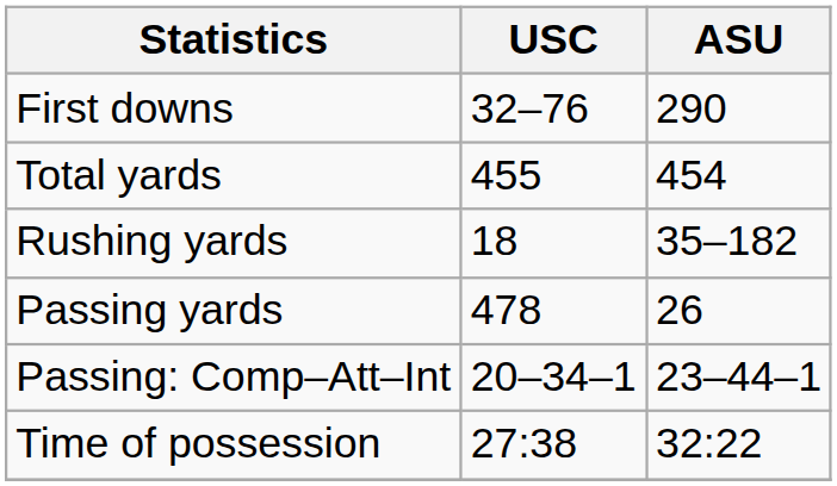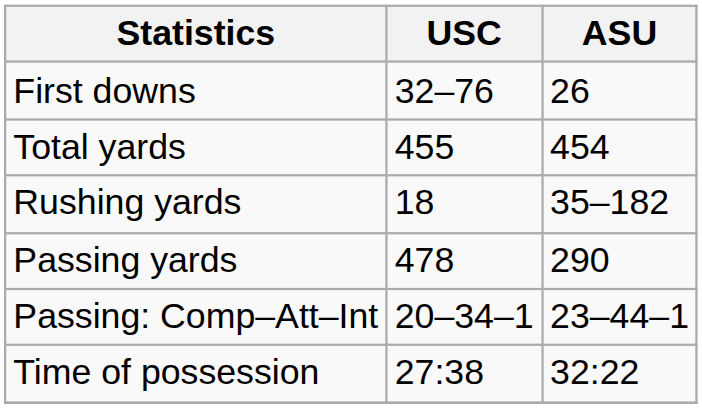 <table class="wikitable" style="float: left;">
 <tr>
 <th>Statistics</th>
 <th>USC</th>
 <th>ASU</th>
 </tr>
 <tr>
 <td>First downs</td>
 <td>32–76</td>
-<td>290</td>
+<td>26</td>
 </tr>
 <tr>
 <td>Total yards</td>
 <td>455</td>
 <td>454</td>
 </tr>
 <tr>
 <td>Rushing yards</td>
 <td>18</td>
 <td>35–182</td>
 </tr>
 <tr>
 <td>Passing yards</td>
 <td>478</td>
-<td>26</td>
+<td>290</td>
 </tr>
 <tr>
 <td>Passing: Comp–Att–Int</td>
 <td>20–34–1</td>
 <td>23–44–1</td>
 </tr>
 <tr>
 <td>Time of possession</td>
 <td>27:38</td>
 <td>32:22</td>
 </tr>
 <tr>
 </tr>
 </table>
